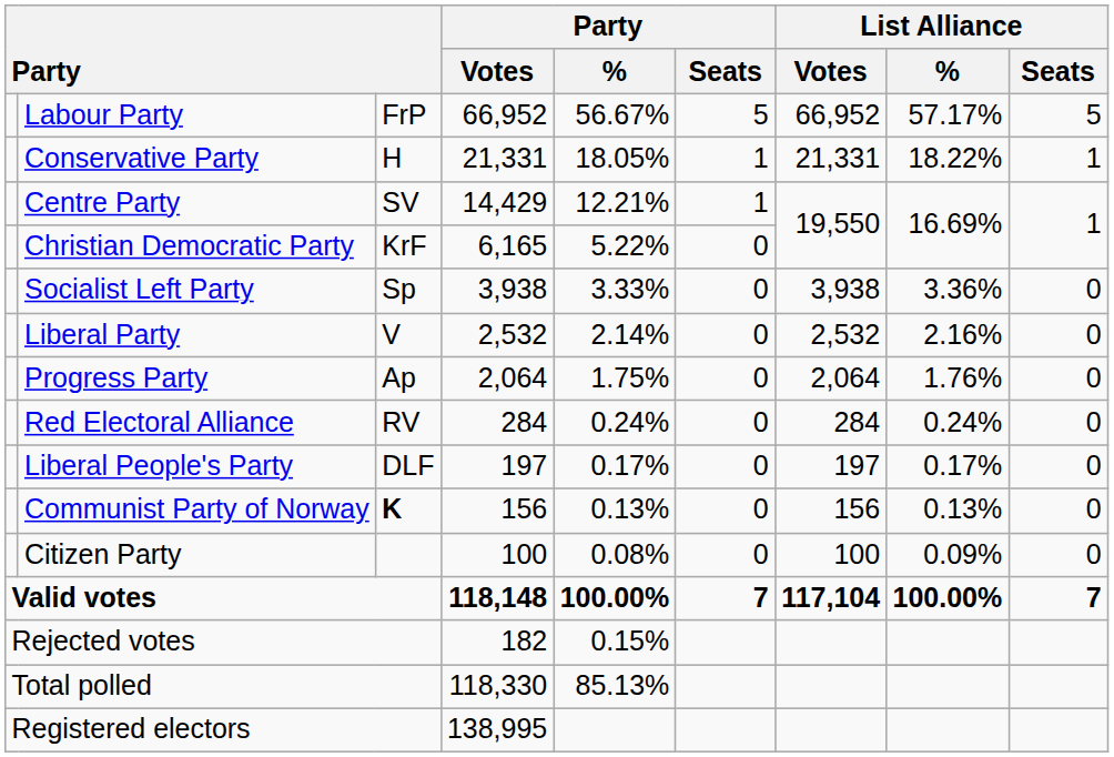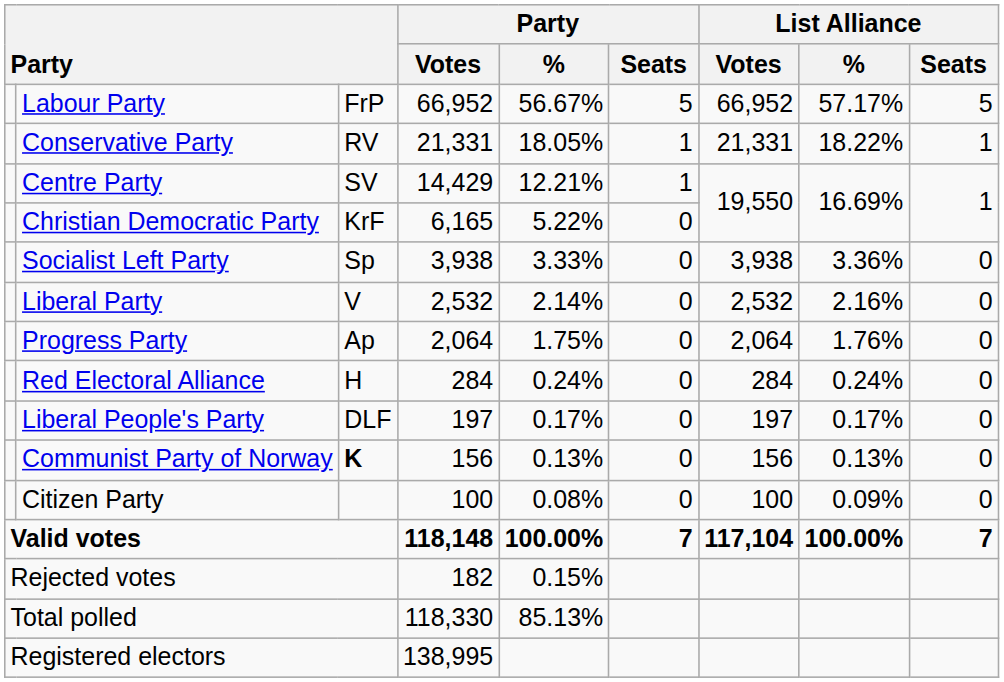 <table class="wikitable" border="1" style="text-align:right;">
 <tr>
 <th style="text-align:left;" valign=bottom rowspan=2 colspan=3>Party</th>
 <th colspan=3>Party</th>
 <th colspan=3>List Alliance</th>
 </tr>
 <tr>
 <th align=center valign=bottom width="50">Votes</th>
 <th align=center valign=bottom width="50">%</th>
 <th align=center valign=bottom width="50">Seats</th>
 <th align=center valign=bottom width="50">Votes</th>
 <th align=center valign=bottom width="50">%</th>
 <th align=center valign=bottom width="50">Seats</th>
 </tr>
 <tr>
 <td style="color:inherit;background:"></td>
 <td align=left><a href='#'>Labour Party</a></td>
 <td align=left>FrP</td>
 <td>66,952</td>
 <td>56.67%</td>
 <td>5</td>
 <td>66,952</td>
 <td>57.17%</td>
 <td>5</td>
 </tr>
 <tr>
 <td style="color:inherit;background:"></td>
 <td align=left><a href='#'>Conservative Party</a></td>
-<td align=left>H</td>
+<td align=left>RV</td>
 <td>21,331</td>
 <td>18.05%</td>
 <td>1</td>
 <td>21,331</td>
 <td>18.22%</td>
 <td>1</td>
 </tr>
 <tr>
 <td style="color:inherit;background:"></td>
 <td align=left><a href='#'>Centre Party</a></td>
 <td align=left>SV</td>
 <td>14,429</td>
 <td>12.21%</td>
 <td>1</td>
 <td rowspan=2>19,550</td>
 <td rowspan=2>16.69%</td>
 <td rowspan=2>1</td>
 </tr>
 <tr>
 <td style="color:inherit;background:"></td>
 <td align=left><a href='#'>Christian Democratic Party</a></td>
 <td align=left>KrF</td>
 <td>6,165</td>
 <td>5.22%</td>
 <td>0</td>
 </tr>
 <tr>
 <td style="color:inherit;background:"></td>
 <td align=left><a href='#'>Socialist Left Party</a></td>
 <td align=left>Sp</td>
 <td>3,938</td>
 <td>3.33%</td>
 <td>0</td>
 <td>3,938</td>
 <td>3.36%</td>
 <td>0</td>
 </tr>
 <tr>
 <td style="color:inherit;background:"></td>
 <td align=left><a href='#'>Liberal Party</a></td>
 <td align=left>V</td>
 <td>2,532</td>
 <td>2.14%</td>
 <td>0</td>
 <td>2,532</td>
 <td>2.16%</td>
 <td>0</td>
 </tr>
 <tr>
 <td style="color:inherit;background:"></td>
 <td align=left><a href='#'>Progress Party</a></td>
 <td align=left>Ap</td>
 <td>2,064</td>
 <td>1.75%</td>
 <td>0</td>
 <td>2,064</td>
 <td>1.76%</td>
 <td>0</td>
 </tr>
 <tr>
 <td style="color:inherit;background:"></td>
 <td align=left><a href='#'>Red Electoral Alliance</a></td>
-<td align=left>RV</td>
+<td align=left>H</td>
 <td>284</td>
 <td>0.24%</td>
 <td>0</td>
 <td>284</td>
 <td>0.24%</td>
 <td>0</td>
 </tr>
 <tr>
 <td style="color:inherit;background:"></td>
 <td align=left><a href='#'>Liberal People's Party</a></td>
 <td align=left>DLF</td>
 <td>197</td>
 <td>0.17%</td>
 <td>0</td>
 <td>197</td>
 <td>0.17%</td>
 <td>0</td>
 </tr>
 <tr>
 <td style="color:inherit;background:"></td>
 <td align=left><a href='#'>Communist Party of Norway</a></td>
 <td align=left><strong>K</strong></td>
 <td>156</td>
 <td>0.13%</td>
 <td>0</td>
 <td>156</td>
 <td>0.13%</td>
 <td>0</td>
 </tr>
 <tr>
 <td></td>
 <td align=left>Citizen Party</td>
 <td align=left></td>
 <td>100</td>
 <td>0.08%</td>
 <td>0</td>
 <td>100</td>
 <td>0.09%</td>
 <td>0</td>
 </tr>
 <tr style="font-weight:bold">
 <td align=left colspan=3>Valid votes</td>
 <td>118,148</td>
 <td>100.00%</td>
 <td>7</td>
 <td>117,104</td>
 <td>100.00%</td>
 <td>7</td>
 </tr>
 <tr>
 <td align=left colspan=3>Rejected votes</td>
 <td>182</td>
 <td>0.15%</td>
 <td></td>
 <td></td>
 <td></td>
 <td></td>
 </tr>
 <tr>
 <td align=left colspan=3>Total polled</td>
 <td>118,330</td>
 <td>85.13%</td>
 <td></td>
 <td></td>
 <td></td>
 <td></td>
 </tr>
 <tr>
 <td align=left colspan=3>Registered electors</td>
 <td>138,995</td>
 <td></td>
 <td></td>
 <td></td>
 <td></td>
 </tr>
 </table>
